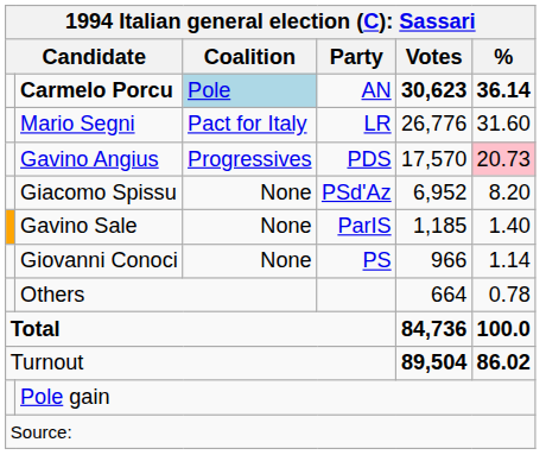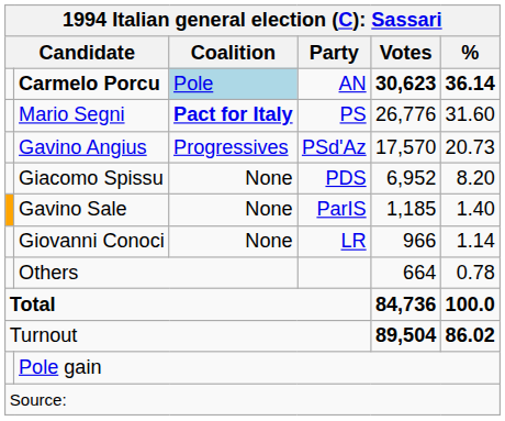 <table class=wikitable style="text-align:right">
 <tr>
 <th colspan=6>1994 Italian general election (<a href='#'>C</a>): <a href='#'>Sassari</a></th>
 </tr>
 <tr>
 <th colspan=2>Candidate</th>
 <th>Coalition</th>
 <th>Party</th>
 <th>Votes</th>
 <th>%</th>
 </tr>
 <tr>
 <td></td>
 <td align=left><strong>Carmelo Porcu</strong></td>
 <td align=left style="background: lightblue;"><a href='#'>Pole</a></td>
 <td><a href='#'>AN</a></td>
 <td><strong>30,623</strong></td>
 <td><strong>36.14</strong></td>
 </tr>
 <tr>
 <td></td>
 <td align=left><a href='#'>Mario Segni</a></td>
-<td align=left><a href='#'>Pact for Italy</a></td>
-<td><a href='#'>LR</a></td>
+<td align=left><strong><a href='#'>Pact for Italy</a></strong></td>
+<td><a href='#'>PS</a></td>
 <td>26,776</td>
 <td>31.60</td>
 </tr>
 <tr>
 <td></td>
 <td align=left><a href='#'>Gavino Angius</a></td>
 <td align=left><a href='#'>Progressives</a></td>
-<td><a href='#'>PDS</a></td>
+<td><a href='#'>PSd'Az</a></td>
 <td>17,570</td>
-<td style="background: pink;">20.73</td>
+<td>20.73</td>
 </tr>
 <tr>
 <td></td>
 <td align=left>Giacomo Spissu</td>
 <td>None</td>
-<td><a href='#'>PSd'Az</a></td>
+<td><a href='#'>PDS</a></td>
 <td>6,952</td>
 <td>8.20</td>
 </tr>
 <tr>
 <td bgcolor="orange"></td>
 <td align=left>Gavino Sale</td>
 <td>None</td>
 <td><a href='#'>ParIS</a></td>
 <td>1,185</td>
 <td>1.40</td>
 </tr>
 <tr>
 <td></td>
 <td align=left>Giovanni Conoci</td>
 <td>None</td>
-<td><a href='#'>PS</a></td>
+<td><a href='#'>LR</a></td>
 <td>966</td>
 <td>1.14</td>
 </tr>
 <tr>
 <td></td>
 <td align=left colspan=2>Others</td>
 <td></td>
 <td>664</td>
 <td>0.78</td>
 </tr>
 <tr>
 <td align=left colspan=4><strong>Total</strong></td>
 <td><strong>84,736</strong></td>
 <td><strong>100.0</strong></td>
 </tr>
 <tr>
 <td align=left colspan=4>Turnout</td>
 <td><strong>89,504</strong></td>
 <td><strong>86.02</strong></td>
 </tr>
 <tr>
 <td></td>
 <td align=left colspan=5><a href='#'>Pole</a> gain</td>
 </tr>
 <tr>
 <td align=left colspan=6><small>Source: </small></td>
 </tr>
 </table>
